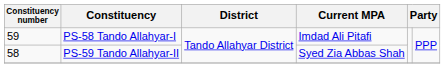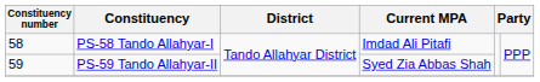 <table class="wikitable">
 <tr>
 <th width="50px" style="font-size:75%">Constituency number</th>
 <th>Constituency</th>
 <th>District</th>
 <th>Current MPA</th>
 <th colspan="2">Party</th>
 </tr>
 <tr>
-<td>59</td>
+<td>58</td>
 <td><a href='#'>PS-58 Tando Allahyar-I</a></td>
 <td rowspan="2"><a href='#'>Tando Allahyar District</a></td>
 <td><a href='#'>Imdad Ali Pitafi</a></td>
 <td rowspan="2"></td>
 <td rowspan="2"><a href='#'>PPP</a></td>
 </tr>
 <tr>
-<td>58</td>
+<td>59</td>
 <td><a href='#'>PS-59 Tando Allahyar-II</a></td>
 <td><a href='#'>Syed Zia Abbas Shah</a></td>
 </tr>
 <tr>
 </tr>
 </table>
